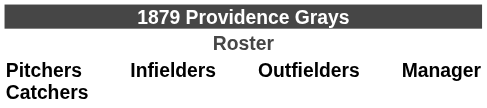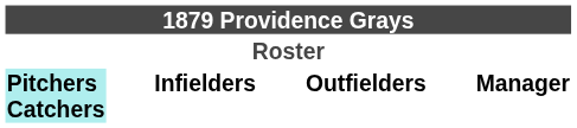 <table class="toccolours" style="font-size: 95%;">
 <tr>
 <th colspan="10" style="background-color: #464646; color: white; text-align: center;">1879 Providence Grays</th>
 </tr>
 <tr>
 <td colspan="10" style="background-color: white; color: #464646; text-align: center;"><strong>Roster</strong></td>
 </tr>
 <tr>
-<td valign="top"><strong>Pitchers</strong><br>  <strong>Catchers</strong>    </td>
+<td valign="top" style="background: paleturquoise;"><strong>Pitchers</strong><br>  <strong>Catchers</strong>    </td>
 <td width="25px"></td>
 <td valign="top"><strong>Infielders</strong><br>      </td>
 <td width="25px"></td>
 <td valign="top"><strong>Outfielders</strong><br>   </td>
 <td width="25px"></td>
 <td valign="top"><strong>Manager</strong><br></td>
 </tr>
 </table>
